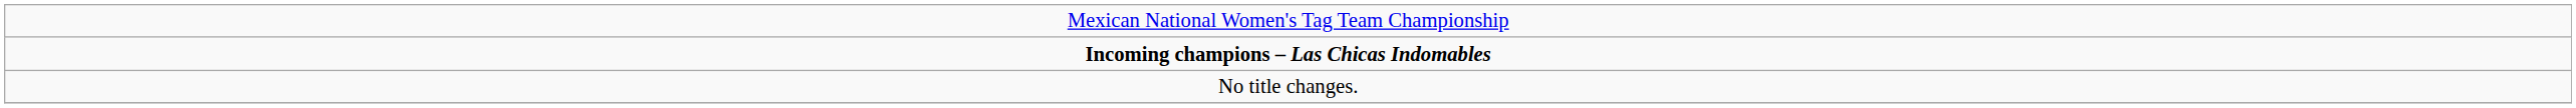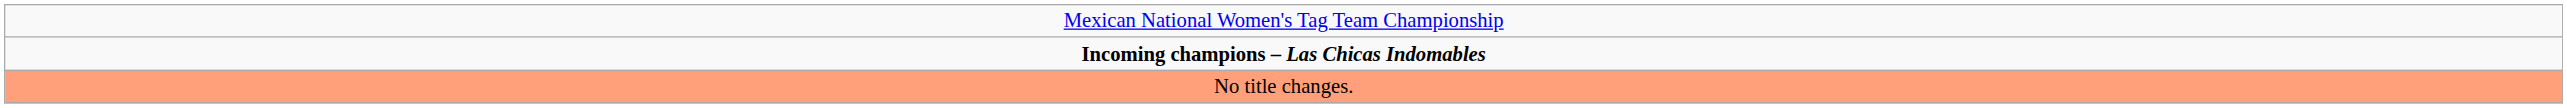 <table class="wikitable" style="text-align:center; width:100%;">
 <tr>
 <td colspan="5" style="text-align: center;"><a href='#'>Mexican National Women's Tag Team Championship</a></td>
 </tr>
 <tr>
 <td colspan="5" style="text-align: center;"><strong>Incoming champions – <em>Las Chicas Indomables</em> </strong></td>
 </tr>
 <tr>
-<td>No title changes.</td>
+<td style="background: lightsalmon;">No title changes.</td>
 </tr>
 <tr>
 </tr>
 </table>
